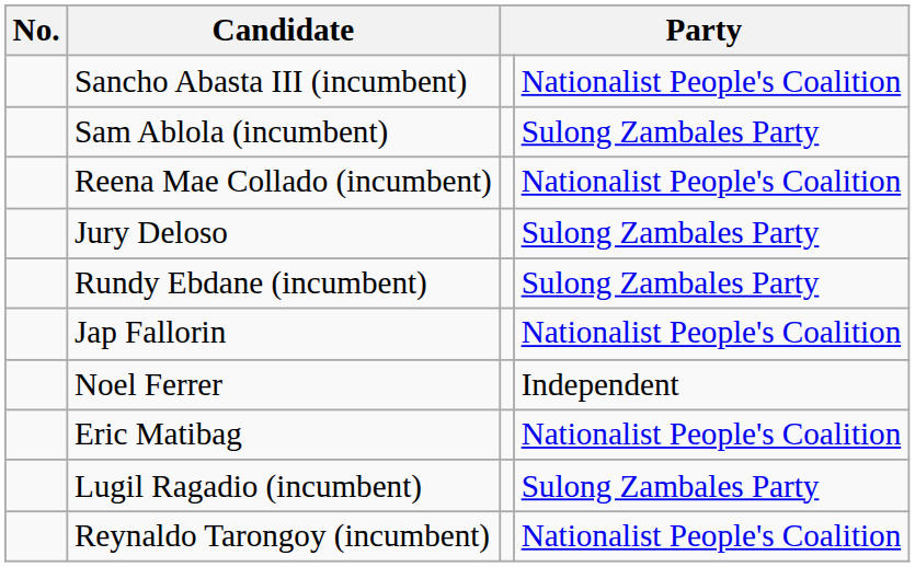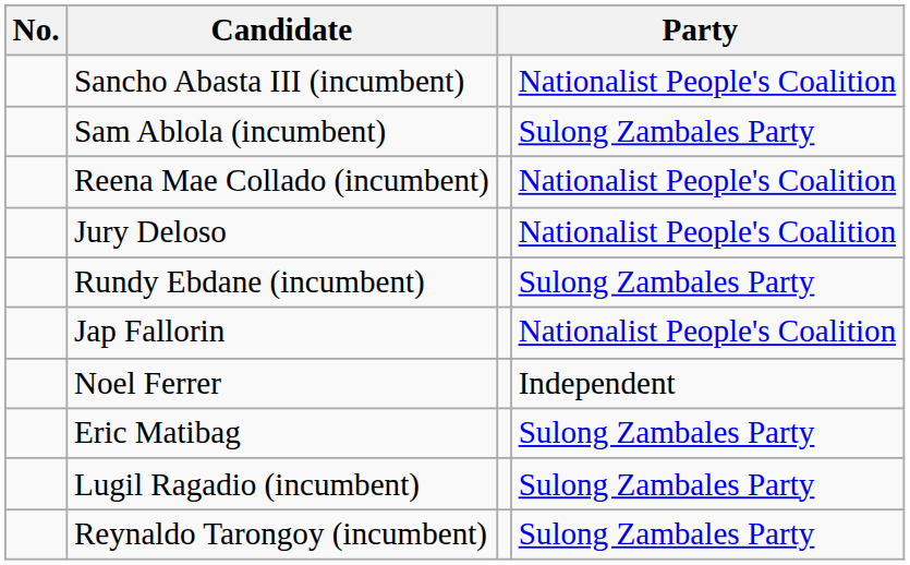 <table class="wikitable sortable" style="text-align:left;">
 <tr>
 <th>No.</th>
 <th>Candidate</th>
 <th colspan="2">Party</th>
 </tr>
 <tr>
 <td></td>
 <td>Sancho Abasta III (incumbent)</td>
 <td></td>
 <td><a href='#'>Nationalist People's Coalition</a></td>
 </tr>
 <tr>
 <td></td>
 <td>Sam Ablola (incumbent)</td>
 <td></td>
 <td><a href='#'>Sulong Zambales Party</a></td>
 </tr>
 <tr>
 <td></td>
 <td>Reena Mae Collado (incumbent)</td>
 <td></td>
 <td><a href='#'>Nationalist People's Coalition</a></td>
 </tr>
 <tr>
 <td></td>
 <td>Jury Deloso</td>
 <td></td>
-<td><a href='#'>Sulong Zambales Party</a></td>
+<td><a href='#'>Nationalist People's Coalition</a></td>
 </tr>
 <tr>
 <td></td>
 <td>Rundy Ebdane (incumbent)</td>
 <td></td>
 <td><a href='#'>Sulong Zambales Party</a></td>
 </tr>
 <tr>
 <td></td>
 <td>Jap Fallorin</td>
 <td></td>
 <td><a href='#'>Nationalist People's Coalition</a></td>
 </tr>
 <tr>
 <td></td>
 <td>Noel Ferrer</td>
 <td></td>
 <td>Independent</td>
 </tr>
 <tr>
 <td></td>
 <td>Eric Matibag</td>
 <td></td>
-<td><a href='#'>Nationalist People's Coalition</a></td>
+<td><a href='#'>Sulong Zambales Party</a></td>
 </tr>
 <tr>
 <td></td>
 <td>Lugil Ragadio (incumbent)</td>
 <td></td>
 <td><a href='#'>Sulong Zambales Party</a></td>
 </tr>
 <tr>
 <td></td>
 <td>Reynaldo Tarongoy (incumbent)</td>
 <td></td>
-<td><a href='#'>Nationalist People's Coalition</a></td>
+<td><a href='#'>Sulong Zambales Party</a></td>
 </tr>
 </table>
